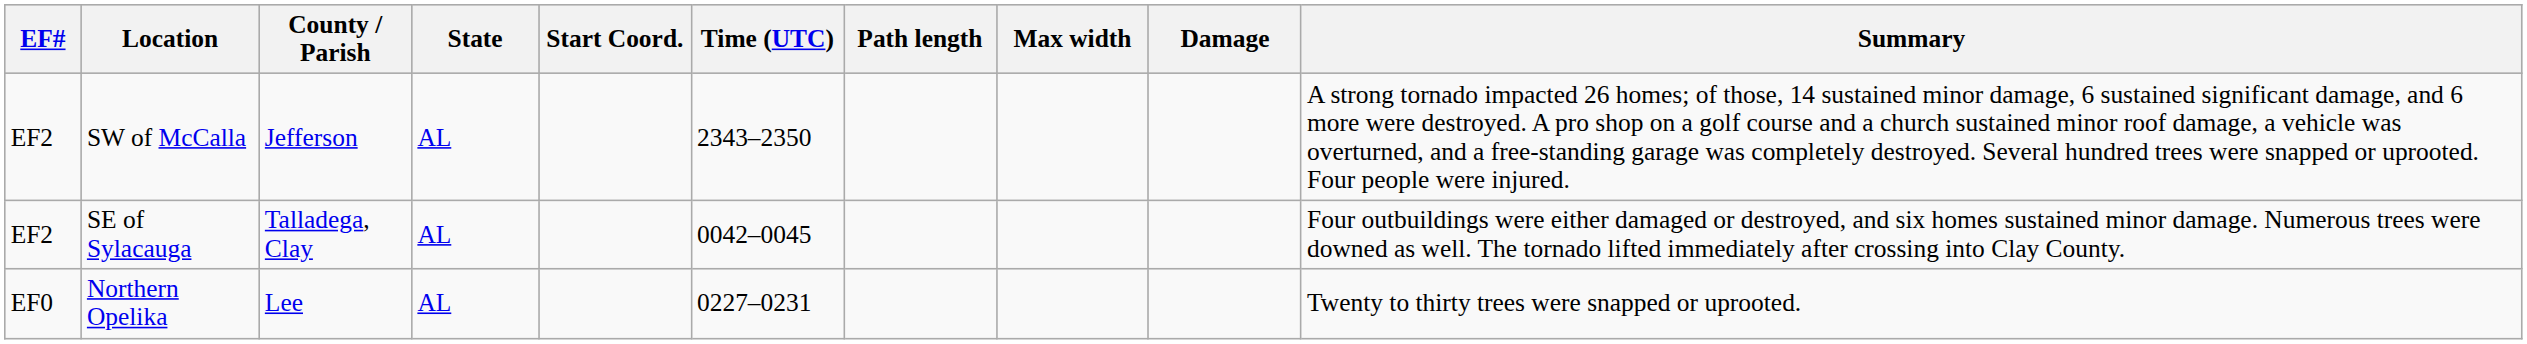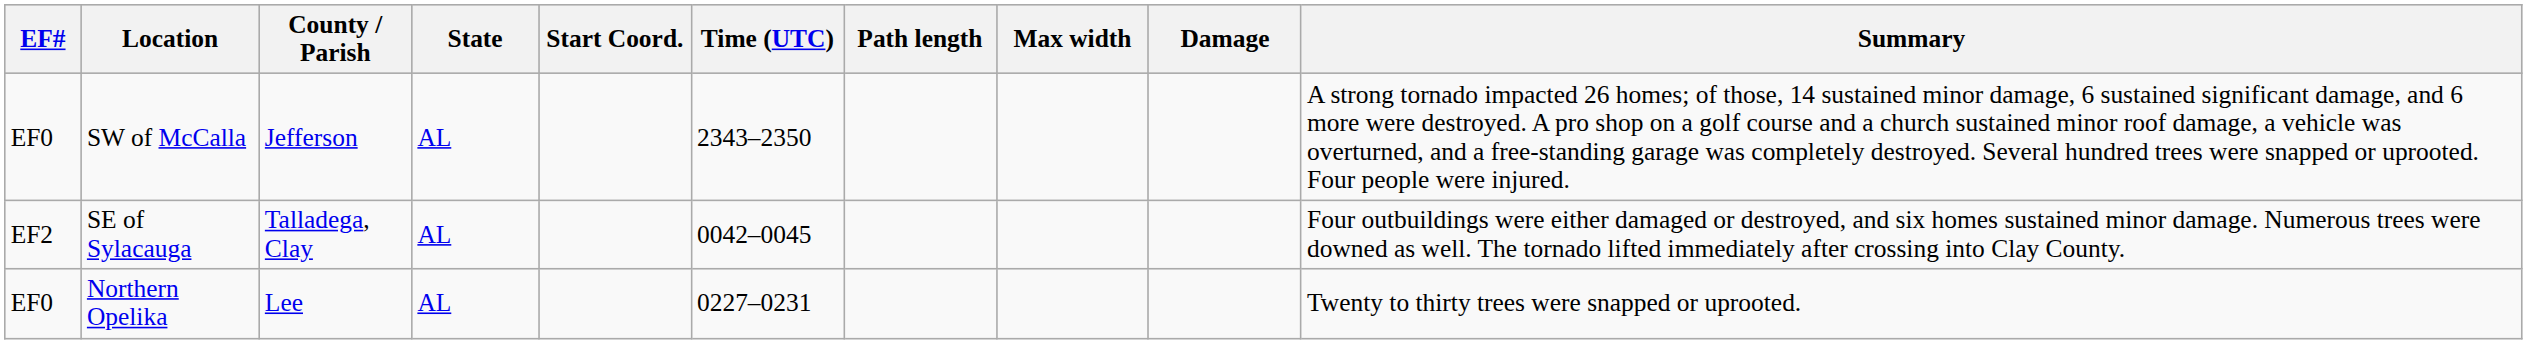 <table class="wikitable sortable" style="width:100%;">
 <tr>
 <th scope="col"  style="width:3%; text-align:center;"><a href='#'>EF#</a></th>
 <th scope="col"  style="width:7%; text-align:center;" class="unsortable">Location</th>
 <th scope="col"  style="width:6%; text-align:center;" class="unsortable">County / Parish</th>
 <th scope="col"  style="width:5%; text-align:center;">State</th>
 <th scope="col"  style="width:6%; text-align:center;">Start Coord.</th>
 <th scope="col"  style="width:6%; text-align:center;">Time (<a href='#'>UTC</a>)</th>
 <th scope="col"  style="width:6%; text-align:center;">Path length</th>
 <th scope="col"  style="width:6%; text-align:center;">Max width</th>
 <th scope="col"  style="width:6%; text-align:center;">Damage</th>
 <th scope="col" class="unsortable" style="width:48%; text-align:center;">Summary</th>
 </tr>
 <tr>
-<td>EF2</td>
+<td>EF0</td>
 <td>SW of <a href='#'>McCalla</a></td>
 <td><a href='#'>Jefferson</a></td>
 <td><a href='#'>AL</a></td>
 <td></td>
 <td>2343–2350</td>
 <td></td>
 <td></td>
 <td></td>
 <td>A strong tornado impacted 26 homes; of those, 14 sustained minor damage, 6 sustained significant damage, and 6 more were destroyed. A pro shop on a golf course and a church sustained minor roof damage, a vehicle was overturned, and a free-standing garage was completely destroyed. Several hundred trees were snapped or uprooted. Four people were injured.</td>
 </tr>
 <tr>
 <td>EF2</td>
 <td>SE of <a href='#'>Sylacauga</a></td>
 <td><a href='#'>Talladega</a>, <a href='#'>Clay</a></td>
 <td><a href='#'>AL</a></td>
 <td></td>
 <td>0042–0045</td>
 <td></td>
 <td></td>
 <td></td>
 <td>Four outbuildings were either damaged or destroyed, and six homes sustained minor damage. Numerous trees were downed as well. The tornado lifted immediately after crossing into Clay County.</td>
 </tr>
 <tr>
 <td>EF0</td>
 <td><a href='#'>Northern Opelika</a></td>
 <td><a href='#'>Lee</a></td>
 <td><a href='#'>AL</a></td>
 <td></td>
 <td>0227–0231</td>
 <td></td>
 <td></td>
 <td></td>
 <td>Twenty to thirty trees were snapped or uprooted.</td>
 </tr>
 </table>
